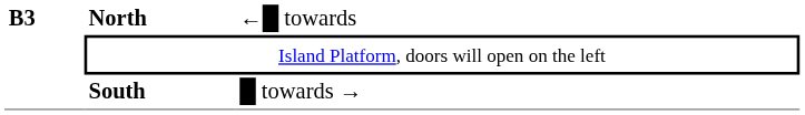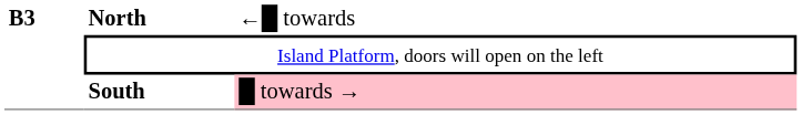 <table table border=0 cellspacing=0 cellpadding=3>
 <tr>
 <td style="border-top:solid 0px gray;border-bottom:solid 1px gray;" width=50 rowspan=3 valign=top><strong>B3</strong></td>
 <td style="border-top:solid 0px gray;" width=100><strong>North</strong></td>
 <td style="border-top:solid 0px gray;" width=390>←<span>█</span>  towards </td>
 </tr>
 <tr>
 <td style="border-top:solid 2px black;border-right:solid 2px black;border-left:solid 2px black;border-bottom:solid 2px black;text-align:center;" colspan=2><small><a href='#'>Island Platform</a>, doors will open on the left</small></td>
 </tr>
 <tr>
 <td style="border-bottom:solid 1px gray;"><strong>South</strong></td>
-<td style="border-bottom:solid 1px gray;"><span>█</span> towards →</td>
+<td style="background: pink; border-bottom:solid 1px gray;"><span>█</span> towards →</td>
 </tr>
 </table>
